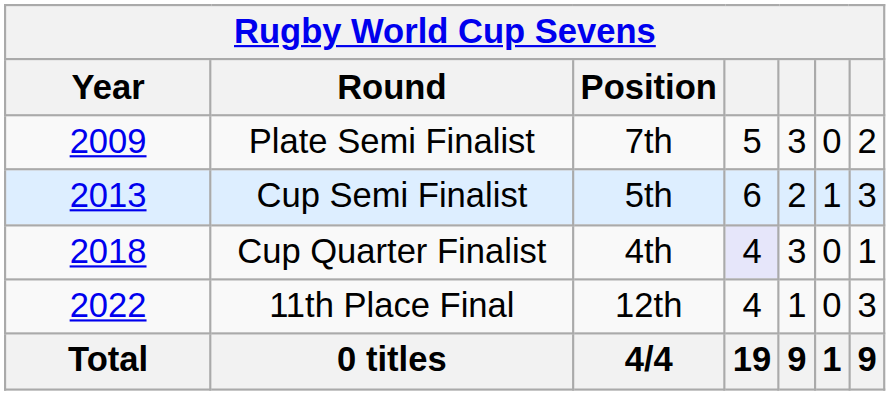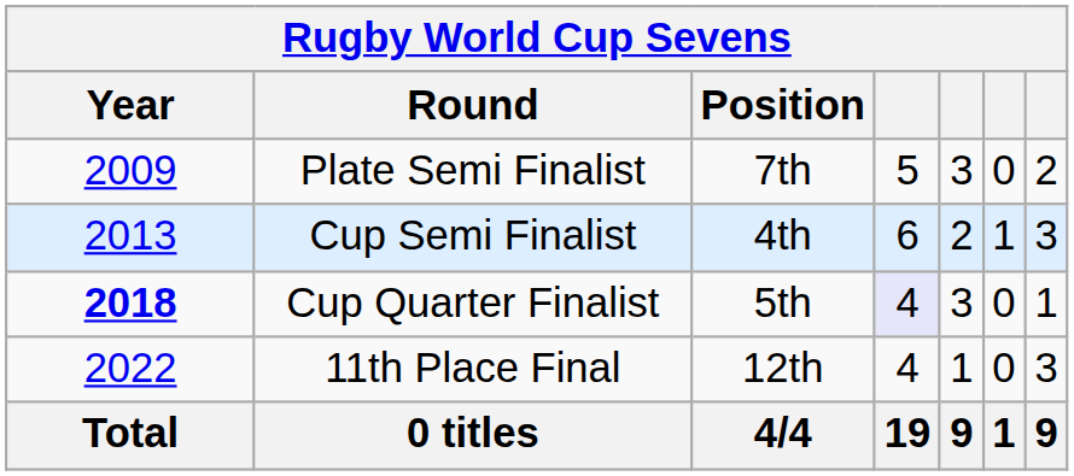 <table class="wikitable" style="text-align: center;">
 <tr>
 <th colspan=10><a href='#'>Rugby World Cup Sevens</a></th>
 </tr>
 <tr>
 <th style="width:5.5em;">Year</th>
 <th style="width:10em;">Round</th>
 <th>Position</th>
 <th></th>
 <th></th>
 <th></th>
 <th></th>
 </tr>
 <tr>
 <td> <a href='#'>2009</a></td>
 <td>Plate Semi Finalist</td>
 <td>7th</td>
 <td>5</td>
 <td>3</td>
 <td>0</td>
 <td>2</td>
 </tr>
 <tr bgcolor=#ddeeff>
 <td> <a href='#'>2013</a></td>
 <td>Cup Semi Finalist</td>
-<td>5th</td>
+<td>4th</td>
 <td>6</td>
 <td>2</td>
 <td>1</td>
 <td>3</td>
 </tr>
 <tr>
-<td> <a href='#'>2018</a></td>
+<td><strong> <a href='#'>2018</a></strong></td>
 <td>Cup Quarter Finalist</td>
-<td>4th</td>
+<td>5th</td>
 <td style="background: lavender;">4</td>
 <td>3</td>
 <td>0</td>
 <td>1</td>
 </tr>
 <tr>
 <td> <a href='#'>2022</a></td>
 <td>11th Place Final</td>
 <td>12th</td>
 <td>4</td>
 <td>1</td>
 <td>0</td>
 <td>3</td>
 </tr>
 <tr>
 <th>Total</th>
 <th>0 titles</th>
 <th>4/4</th>
 <th>19</th>
 <th>9</th>
 <th>1</th>
 <th>9</th>
 </tr>
 </table>
